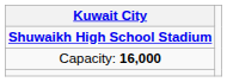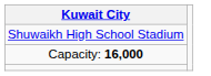 <table class="wikitable" style="text-align:center">
 <tr>
 <th><a href='#'>Kuwait City</a></th>
 <td rowspan="4"></td>
 </tr>
 <tr>
-<td><strong><a href='#'>Shuwaikh High School Stadium</a></strong></td>
+<td><a href='#'>Shuwaikh High School Stadium</a></td>
 </tr>
 <tr>
 <td>Capacity: <strong>16,000</strong></td>
 </tr>
 <tr>
 <td></td>
 </tr>
 </table>
